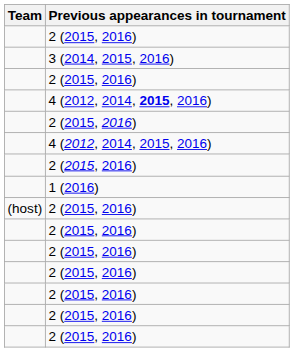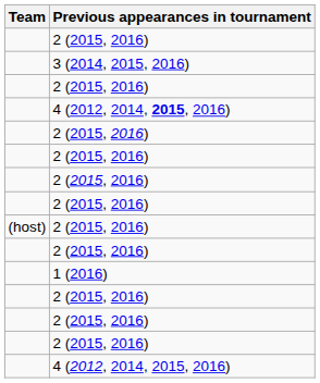 <table class="wikitable" style="font-size: 95%;">
 <tr>
 <th>Team</th>
 <th>Previous appearances in tournament</th>
 </tr>
 <tr>
 <td></td>
 <td>2 (<a href='#'>2015</a>, <a href='#'>2016</a>)</td>
 </tr>
 <tr>
 <td></td>
 <td>3 (<a href='#'>2014</a>, <a href='#'>2015</a>, <a href='#'>2016</a>)</td>
 </tr>
 <tr>
 <td></td>
 <td>2 (<a href='#'>2015</a>, <a href='#'>2016</a>)</td>
 </tr>
 <tr>
 <td></td>
 <td>4 (<a href='#'>2012</a>, <a href='#'>2014</a>, <strong><a href='#'>2015</a></strong>, <a href='#'>2016</a>)</td>
 </tr>
 <tr>
 <td></td>
 <td>2 (<a href='#'>2015</a>, <em><a href='#'>2016</a></em>)</td>
 </tr>
 <tr>
 <td></td>
-<td>4 (<em><a href='#'>2012</a></em>, <a href='#'>2014</a>, <a href='#'>2015</a>, <a href='#'>2016</a>)</td>
+<td>2 (<a href='#'>2015</a>, <a href='#'>2016</a>)</td>
 </tr>
 <tr>
 <td></td>
 <td>2 (<em><a href='#'>2015</a></em>, <a href='#'>2016</a>)</td>
 </tr>
 <tr>
 <td></td>
-<td>1 (<a href='#'>2016</a>)</td>
+<td>2 (<a href='#'>2015</a>, <a href='#'>2016</a>)</td>
 </tr>
 <tr>
 <td> (host)</td>
 <td>2 (<a href='#'>2015</a>, <a href='#'>2016</a>)</td>
+</tr>
+<tr>
+<td></td>
+<td>2 (<a href='#'>2015</a>, <a href='#'>2016</a>)</td>
+</tr>
+<tr>
+<td></td>
+<td>1 (<a href='#'>2016</a>)</td>
 </tr>
 <tr>
 <td></td>
 <td>2 (<a href='#'>2015</a>, <a href='#'>2016</a>)</td>
 </tr>
 <tr>
 <td></td>
 <td>2 (<a href='#'>2015</a>, <a href='#'>2016</a>)</td>
 </tr>
 <tr>
 <td></td>
 <td>2 (<a href='#'>2015</a>, <a href='#'>2016</a>)</td>
 </tr>
 <tr>
 <td></td>
-<td>2 (<a href='#'>2015</a>, <a href='#'>2016</a>)</td>
-</tr>
-<tr>
-<td></td>
-<td>2 (<a href='#'>2015</a>, <a href='#'>2016</a>)</td>
-</tr>
-<tr>
-<td></td>
-<td>2 (<a href='#'>2015</a>, <a href='#'>2016</a>)</td>
+<td>4 (<em><a href='#'>2012</a></em>, <a href='#'>2014</a>, <a href='#'>2015</a>, <a href='#'>2016</a>)</td>
 </tr>
 </table>
